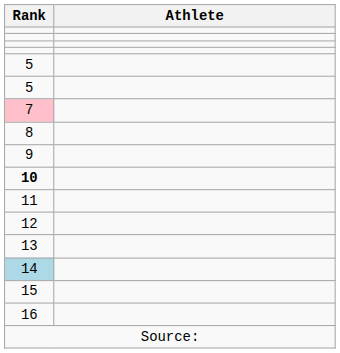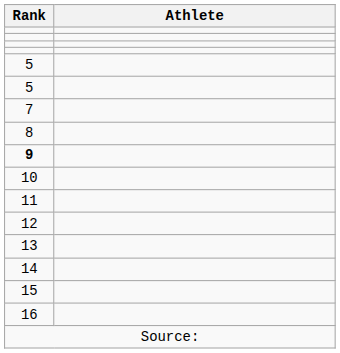 <table class="wikitable" style="text-align: center;">
 <tr>
 <th width="40">Rank</th>
 <th width="257">Athlete</th>
 </tr>
 <tr>
 <td></td>
 <td align="left"></td>
 </tr>
 <tr>
 <td></td>
 <td align="left"></td>
 </tr>
 <tr>
 <td></td>
 <td align="left"></td>
 </tr>
 <tr>
 <td></td>
 <td align="left"></td>
 </tr>
 <tr>
 <td>5</td>
 <td align="left"></td>
 </tr>
 <tr>
 <td>5</td>
 <td align="left"></td>
 </tr>
 <tr>
-<td style="background: pink;">7</td>
+<td>7</td>
 <td align="left"></td>
 </tr>
 <tr>
 <td>8</td>
 <td align="left"></td>
 </tr>
 <tr>
-<td>9</td>
+<td><strong>9</strong></td>
 <td align="left"></td>
 </tr>
 <tr>
-<td><strong>10</strong></td>
+<td>10</td>
 <td align="left"></td>
 </tr>
 <tr>
 <td>11</td>
 <td align="left"></td>
 </tr>
 <tr>
 <td>12</td>
 <td align="left"></td>
 </tr>
 <tr>
 <td>13</td>
 <td align="left"></td>
 </tr>
 <tr>
-<td style="background: lightblue;">14</td>
+<td>14</td>
 <td align="left"></td>
 </tr>
 <tr>
 <td>15</td>
 <td align="left"></td>
 </tr>
 <tr>
 <td>16</td>
 <td align="left"></td>
 </tr>
 <tr>
 <td colspan="2">Source:</td>
 </tr>
 </table>
